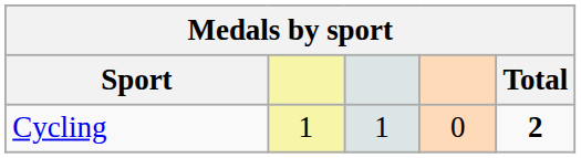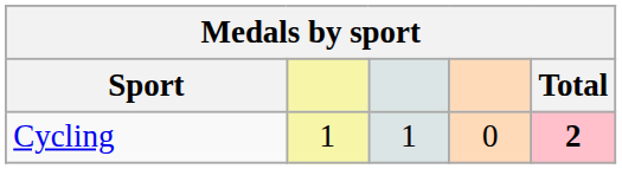 <table class="wikitable" style="font-size:90%; text-align:center;">
 <tr>
 <th colspan="5">Medals by sport</th>
 </tr>
 <tr>
 <th width="120">Sport</th>
 <th scope="col" width="30" style="background:#F7F6A8;"></th>
 <th scope="col" width="30" style="background:#DCE5E5;"></th>
 <th scope="col" width="30" style="background:#FFDAB9;"></th>
 <th width="30">Total</th>
 </tr>
 <tr>
 <td align="left"><a href='#'>Cycling</a></td>
 <td style="background:#F7F6A8;">1</td>
 <td style="background:#DCE5E5;">1</td>
 <td style="background:#FFDAB9;">0</td>
-<td><strong>2</strong></td>
+<td style="background: pink;"><strong>2</strong></td>
 </tr>
 </table>
